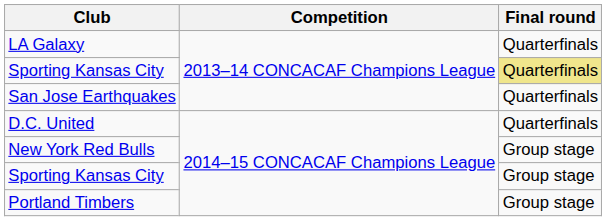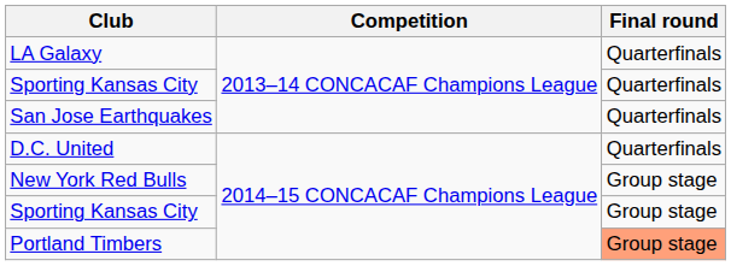 <table class="wikitable">
 <tr>
 <th>Club</th>
 <th>Competition</th>
 <th>Final round</th>
 </tr>
 <tr>
 <td><a href='#'>LA Galaxy</a></td>
 <td rowspan=3><a href='#'>2013–14 CONCACAF Champions League</a></td>
 <td>Quarterfinals</td>
 </tr>
 <tr>
 <td><a href='#'>Sporting Kansas City</a></td>
-<td style="background: khaki;">Quarterfinals</td>
+<td>Quarterfinals</td>
 </tr>
 <tr>
 <td><a href='#'>San Jose Earthquakes</a></td>
 <td>Quarterfinals</td>
 </tr>
 <tr>
 <td><a href='#'>D.C. United</a></td>
 <td rowspan=4><a href='#'>2014–15 CONCACAF Champions League</a></td>
 <td>Quarterfinals</td>
 </tr>
 <tr>
 <td><a href='#'>New York Red Bulls</a></td>
 <td>Group stage</td>
 </tr>
 <tr>
 <td><a href='#'>Sporting Kansas City</a></td>
 <td>Group stage</td>
 </tr>
 <tr>
 <td><a href='#'>Portland Timbers</a></td>
-<td>Group stage</td>
+<td style="background: lightsalmon;">Group stage</td>
 </tr>
 </table>
